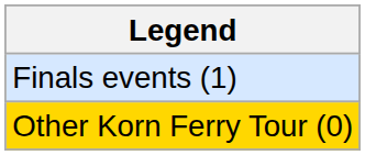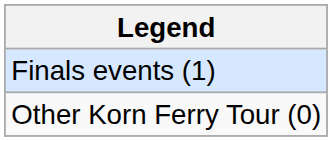 <table class="wikitable" style="font-size:95%;">
 <tr>
 <th>Legend</th>
 </tr>
 <tr style="background:#D6E8FF;">
 <td>Finals events (1)</td>
 </tr>
 <tr>
-<td style="background: gold;">Other Korn Ferry Tour (0)</td>
+<td>Other Korn Ferry Tour (0)</td>
 </tr>
 </table>
